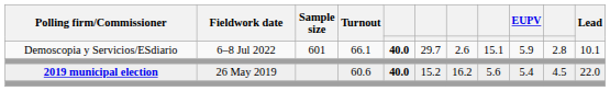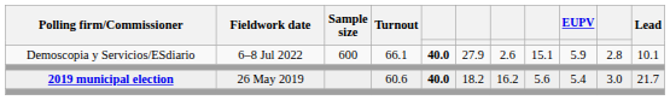 <table class="wikitable collapsible collapsed" style="text-align:center; font-size:95%; line-height:16px;">
 <tr style="height:42px;">
 <th style="width:250px;" rowspan="2">Polling firm/Commissioner</th>
 <th style="width:125px;" rowspan="2">Fieldwork date</th>
 <th style="width:50px;" rowspan="2">Sample size</th>
 <th style="width:45px;" rowspan="2">Turnout</th>
 <th style="width:35px;"></th>
 <th style="width:35px;"></th>
 <th style="width:35px;"></th>
 <th style="width:35px;"></th>
 <th style="width:35px; font-size:95%;"><a href='#'>EUPV</a></th>
 <th style="width:35px;"></th>
 <th style="width:30px;" rowspan="2">Lead</th>
 </tr>
 <tr>
 <th style="color:inherit;background:"></th>
 <th style="color:inherit;background:"></th>
 <th style="color:inherit;background:"></th>
 <th style="color:inherit;background:"></th>
 <th style="color:inherit;background:"></th>
 <th style="color:inherit;background:"></th>
 </tr>
 <tr>
 <td>Demoscopia y Servicios/ESdiario</td>
 <td>6–8 Jul 2022</td>
-<td>601</td>
+<td>600</td>
 <td>66.1</td>
 <td><strong>40.0</strong><br></td>
-<td>29.7<br></td>
+<td>27.9<br></td>
 <td>2.6<br></td>
 <td>15.1<br></td>
 <td>5.9<br></td>
 <td>2.8<br></td>
 <td style="background:">10.1</td>
 </tr>
 <tr>
 <td colspan="11" style="background:#A0A0A0"></td>
 </tr>
 <tr style="background:#EFEFEF;">
 <td><strong><a href='#'>2019 municipal election</a></strong></td>
 <td>26 May 2019</td>
 <td></td>
 <td>60.6</td>
 <td><strong>40.0</strong><br></td>
-<td>15.2<br></td>
+<td>18.2<br></td>
 <td>16.2<br></td>
 <td>5.6<br></td>
 <td>5.4<br></td>
-<td>4.5<br></td>
-<td style="background:">22.0</td>
+<td>3.0<br></td>
+<td style="background:">21.7</td>
 </tr>
 <tr>
 <td colspan="11" style="background:#A0A0A0"></td>
 </tr>
 </table>
